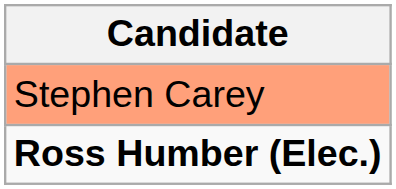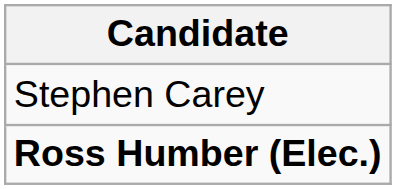 <table class="wikitable">
 <tr>
 <th>Candidate</th>
 </tr>
 <tr>
-<td style="background: lightsalmon;">Stephen Carey</td>
+<td>Stephen Carey</td>
 </tr>
 <tr>
 <td><strong>Ross Humber (Elec.)</strong></td>
 </tr>
 </table>
